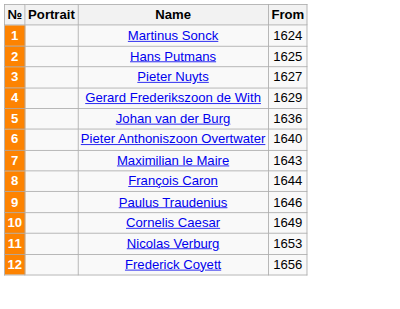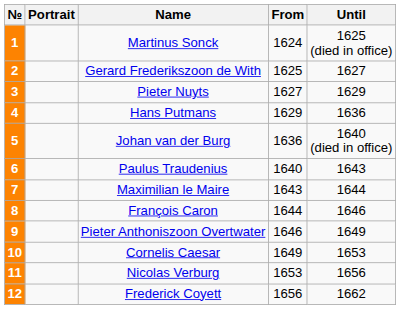 <table class="wikitable" style="text-align: center;">
 <tr>
 <th>№</th>
 <th>Portrait</th>
 <th>Name</th>
 <th>From</th>
+<th>Until</th>
 </tr>
 <tr>
 <th style="background:#FD8301; color:white;">1</th>
 <td></td>
 <td><a href='#'>Martinus Sonck</a></td>
 <td>1624</td>
+<td>1625<br>(died in office)</td>
 </tr>
 <tr>
 <th style="background:#FD8301; color:white;">2</th>
 <td></td>
-<td><a href='#'>Hans Putmans</a></td>
+<td><a href='#'>Gerard Frederikszoon de With</a></td>
 <td>1625</td>
+<td>1627</td>
 </tr>
 <tr>
 <th style="background:#FD8301; color:white;">3</th>
 <td></td>
 <td><a href='#'>Pieter Nuyts</a></td>
 <td>1627</td>
+<td>1629</td>
 </tr>
 <tr>
 <th style="background:#FD8301; color:white;">4</th>
 <td></td>
-<td><a href='#'>Gerard Frederikszoon de With</a></td>
+<td><a href='#'>Hans Putmans</a></td>
 <td>1629</td>
+<td>1636</td>
 </tr>
 <tr>
 <th style="background:#FD8301; color:white;">5</th>
 <td></td>
 <td><a href='#'>Johan van der Burg</a></td>
 <td>1636</td>
+<td>1640<br>(died in office)</td>
 </tr>
 <tr>
 <th style="background:#FD8301; color:white;">6</th>
 <td></td>
-<td><a href='#'>Pieter Anthoniszoon Overtwater</a></td>
+<td><a href='#'>Paulus Traudenius</a></td>
 <td>1640</td>
+<td>1643</td>
 </tr>
 <tr>
 <th style="background:#FD8301; color:white;">7</th>
 <td></td>
 <td><a href='#'>Maximilian le Maire</a></td>
 <td>1643</td>
+<td>1644</td>
 </tr>
 <tr>
 <th style="background:#FD8301; color:white;">8</th>
 <td></td>
 <td><a href='#'>François Caron</a></td>
 <td>1644</td>
+<td>1646</td>
 </tr>
 <tr>
 <th style="background:#FD8301; color:white;">9</th>
 <td></td>
-<td><a href='#'>Paulus Traudenius</a></td>
+<td><a href='#'>Pieter Anthoniszoon Overtwater</a></td>
 <td>1646</td>
+<td>1649</td>
 </tr>
 <tr>
 <th style="background:#FD8301; color:white;">10</th>
 <td></td>
 <td><a href='#'>Cornelis Caesar</a></td>
 <td>1649</td>
+<td>1653</td>
 </tr>
 <tr>
 <th style="background:#FD8301; color:white;">11</th>
 <td></td>
 <td><a href='#'>Nicolas Verburg</a></td>
 <td>1653</td>
+<td>1656</td>
 </tr>
 <tr>
 <th style="background:#FD8301; color:white;">12</th>
 <td></td>
 <td><a href='#'>Frederick Coyett</a></td>
 <td>1656</td>
+<td>1662</td>
 </tr>
 </table>
